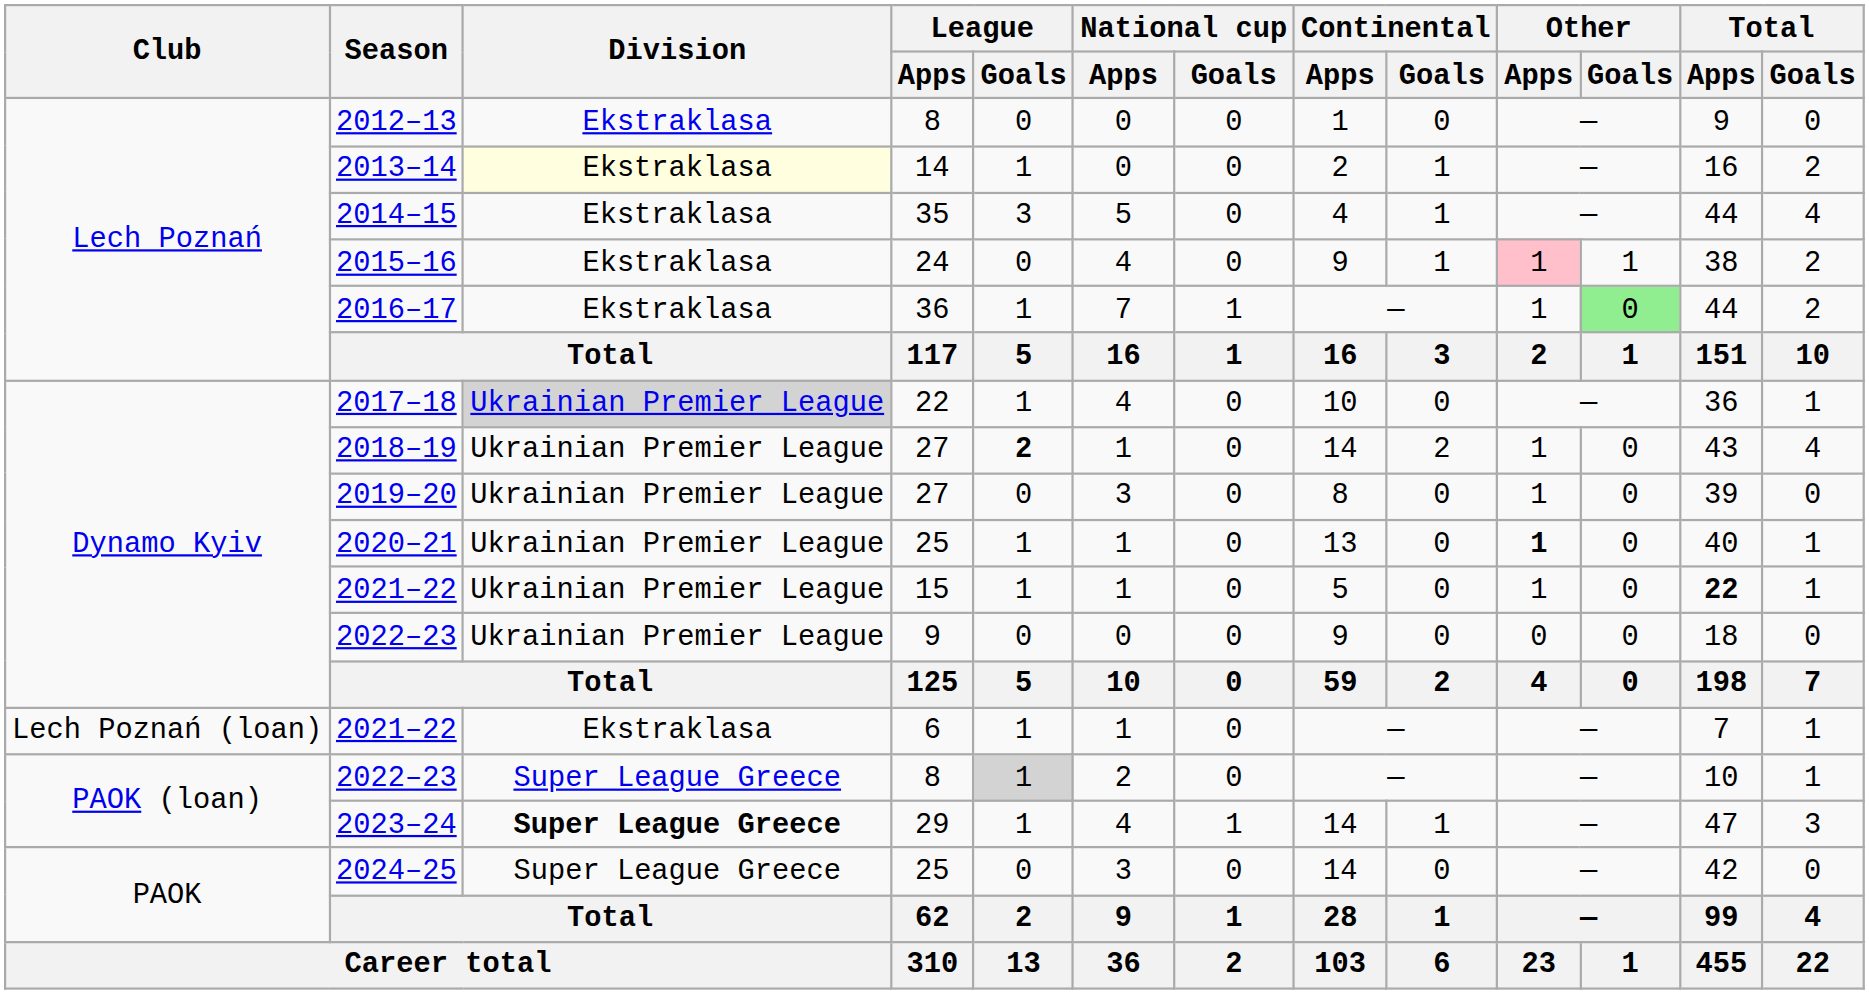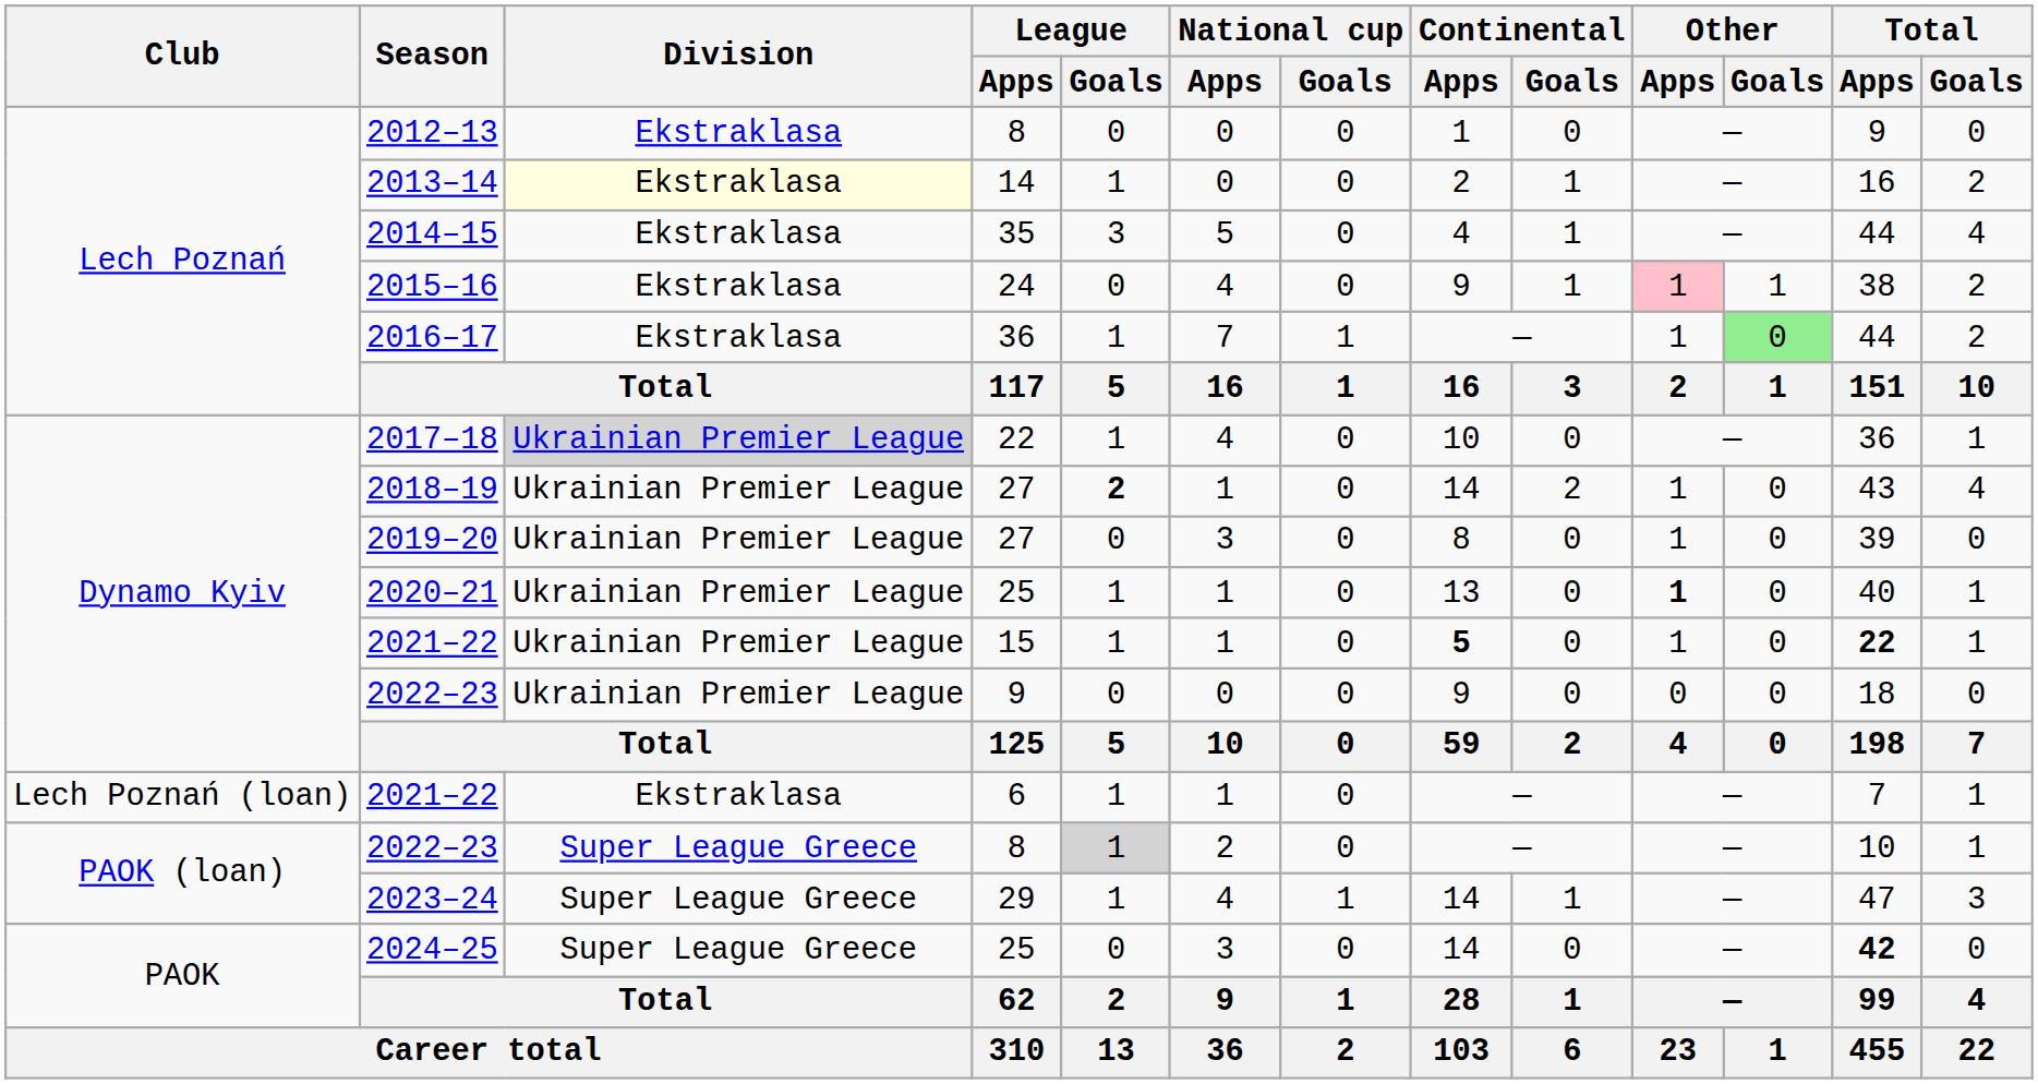 <table class="wikitable" style="text-align:center">
 <tr>
 <th rowspan="2">Club</th>
 <th rowspan="2">Season</th>
 <th rowspan="2">Division</th>
 <th colspan="2">League</th>
 <th colspan="2">National cup</th>
 <th colspan="2">Continental</th>
 <th colspan="2">Other</th>
 <th colspan="2">Total</th>
 </tr>
 <tr>
 <th>Apps</th>
 <th>Goals</th>
 <th>Apps</th>
 <th>Goals</th>
 <th>Apps</th>
 <th>Goals</th>
 <th>Apps</th>
 <th>Goals</th>
 <th>Apps</th>
 <th>Goals</th>
 </tr>
 <tr>
 <td rowspan="6"><a href='#'>Lech Poznań</a></td>
 <td><a href='#'>2012–13</a></td>
 <td><a href='#'>Ekstraklasa</a></td>
 <td>8</td>
 <td>0</td>
 <td>0</td>
 <td>0</td>
 <td>1</td>
 <td>0</td>
 <td colspan="2">—</td>
 <td>9</td>
 <td>0</td>
 </tr>
 <tr>
 <td><a href='#'>2013–14</a></td>
 <td style="background: lightyellow;">Ekstraklasa</td>
 <td>14</td>
 <td>1</td>
 <td>0</td>
 <td>0</td>
 <td>2</td>
 <td>1</td>
 <td colspan="2">—</td>
 <td>16</td>
 <td>2</td>
 </tr>
 <tr>
 <td><a href='#'>2014–15</a></td>
 <td>Ekstraklasa</td>
 <td>35</td>
 <td>3</td>
 <td>5</td>
 <td>0</td>
 <td>4</td>
 <td>1</td>
 <td colspan="2">—</td>
 <td>44</td>
 <td>4</td>
 </tr>
 <tr>
 <td><a href='#'>2015–16</a></td>
 <td>Ekstraklasa</td>
 <td>24</td>
 <td>0</td>
 <td>4</td>
 <td>0</td>
 <td>9</td>
 <td>1</td>
 <td style="background: pink;">1</td>
 <td>1</td>
 <td>38</td>
 <td>2</td>
 </tr>
 <tr>
 <td><a href='#'>2016–17</a></td>
 <td>Ekstraklasa</td>
 <td>36</td>
 <td>1</td>
 <td>7</td>
 <td>1</td>
 <td colspan=2>—</td>
 <td>1</td>
 <td style="background: lightgreen;">0</td>
 <td>44</td>
 <td>2</td>
 </tr>
 <tr>
 <th colspan="2">Total</th>
 <th>117</th>
 <th>5</th>
 <th>16</th>
 <th>1</th>
 <th>16</th>
 <th>3</th>
 <th>2</th>
 <th>1</th>
 <th>151</th>
 <th>10</th>
 </tr>
 <tr>
 <td rowspan="7"><a href='#'>Dynamo Kyiv</a></td>
 <td><a href='#'>2017–18</a></td>
 <td style="background: lightgrey;"><a href='#'>Ukrainian Premier League</a></td>
 <td>22</td>
 <td>1</td>
 <td>4</td>
 <td>0</td>
 <td>10</td>
 <td>0</td>
 <td colspan="2">—</td>
 <td>36</td>
 <td>1</td>
 </tr>
 <tr>
 <td><a href='#'>2018–19</a></td>
 <td>Ukrainian Premier League</td>
 <td>27</td>
 <td><strong>2</strong></td>
 <td>1</td>
 <td>0</td>
 <td>14</td>
 <td>2</td>
 <td>1</td>
 <td>0</td>
 <td>43</td>
 <td>4</td>
 </tr>
 <tr>
 <td><a href='#'>2019–20</a></td>
 <td>Ukrainian Premier League</td>
 <td>27</td>
 <td>0</td>
 <td>3</td>
 <td>0</td>
 <td>8</td>
 <td>0</td>
 <td>1</td>
 <td>0</td>
 <td>39</td>
 <td>0</td>
 </tr>
 <tr>
 <td><a href='#'>2020–21</a></td>
 <td>Ukrainian Premier League</td>
 <td>25</td>
 <td>1</td>
 <td>1</td>
 <td>0</td>
 <td>13</td>
 <td>0</td>
 <td><strong>1</strong></td>
 <td>0</td>
 <td>40</td>
 <td>1</td>
 </tr>
 <tr>
 <td><a href='#'>2021–22</a></td>
 <td>Ukrainian Premier League</td>
 <td>15</td>
 <td>1</td>
 <td>1</td>
 <td>0</td>
-<td>5</td>
+<td><strong>5</strong></td>
 <td>0</td>
 <td>1</td>
 <td>0</td>
 <td><strong>22</strong></td>
 <td>1</td>
 </tr>
 <tr>
 <td><a href='#'>2022–23</a></td>
 <td>Ukrainian Premier League</td>
 <td>9</td>
 <td>0</td>
 <td>0</td>
 <td>0</td>
 <td>9</td>
 <td>0</td>
 <td>0</td>
 <td>0</td>
 <td>18</td>
 <td>0</td>
 </tr>
 <tr>
 <th colspan="2">Total</th>
 <th>125</th>
 <th>5</th>
 <th>10</th>
 <th>0</th>
 <th>59</th>
 <th>2</th>
 <th>4</th>
 <th>0</th>
 <th>198</th>
 <th>7</th>
 </tr>
 <tr>
 <td>Lech Poznań (loan)</td>
 <td><a href='#'>2021–22</a></td>
 <td>Ekstraklasa</td>
 <td>6</td>
 <td>1</td>
 <td>1</td>
 <td>0</td>
 <td colspan="2">—</td>
 <td colspan="2">—</td>
 <td>7</td>
 <td>1</td>
 </tr>
 <tr>
 <td rowspan="2"><a href='#'>PAOK</a> (loan)</td>
 <td><a href='#'>2022–23</a></td>
 <td><a href='#'>Super League Greece</a></td>
 <td>8</td>
 <td style="background: lightgrey;">1</td>
 <td>2</td>
 <td>0</td>
 <td colspan="2">—</td>
 <td colspan="2">—</td>
 <td>10</td>
 <td>1</td>
 </tr>
 <tr>
 <td><a href='#'>2023–24</a></td>
-<td><strong>Super League Greece</strong></td>
+<td>Super League Greece</td>
 <td>29</td>
 <td>1</td>
 <td>4</td>
 <td>1</td>
 <td>14</td>
 <td>1</td>
 <td colspan="2">—</td>
 <td>47</td>
 <td>3</td>
 </tr>
 <tr>
 <td rowspan="2">PAOK</td>
 <td><a href='#'>2024–25</a></td>
 <td>Super League Greece</td>
 <td>25</td>
 <td>0</td>
 <td>3</td>
 <td>0</td>
 <td>14</td>
 <td>0</td>
 <td colspan="2">—</td>
-<td>42</td>
+<td><strong>42</strong></td>
 <td>0</td>
 </tr>
 <tr>
 <th colspan="2">Total</th>
 <th>62</th>
 <th>2</th>
 <th>9</th>
 <th>1</th>
 <th>28</th>
 <th>1</th>
 <th colspan="2">—</th>
 <th>99</th>
 <th>4</th>
 </tr>
 <tr>
 <th colspan="3">Career total</th>
 <th>310</th>
 <th>13</th>
 <th>36</th>
 <th>2</th>
 <th>103</th>
 <th>6</th>
 <th>23</th>
 <th>1</th>
 <th>455</th>
 <th>22</th>
 </tr>
 </table>
